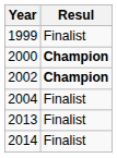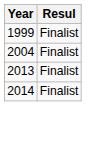 <table class= "wikitable sortable">
 <tr>
 <th width=px>Year</th>
 <th width=px>Resul</th>
 </tr>
 <tr>
 <td>1999</td>
 <td>Finalist</td>
-</tr>
-<tr>
-<td>2000</td>
-<td><strong>Champion</strong></td>
-</tr>
-<tr>
-<td>2002</td>
-<td><strong>Champion</strong></td>
 </tr>
 <tr>
 <td>2004</td>
 <td>Finalist</td>
 </tr>
 <tr>
 <td>2013</td>
 <td>Finalist</td>
 </tr>
 <tr>
 <td>2014</td>
 <td>Finalist</td>
 </tr>
 </table>
